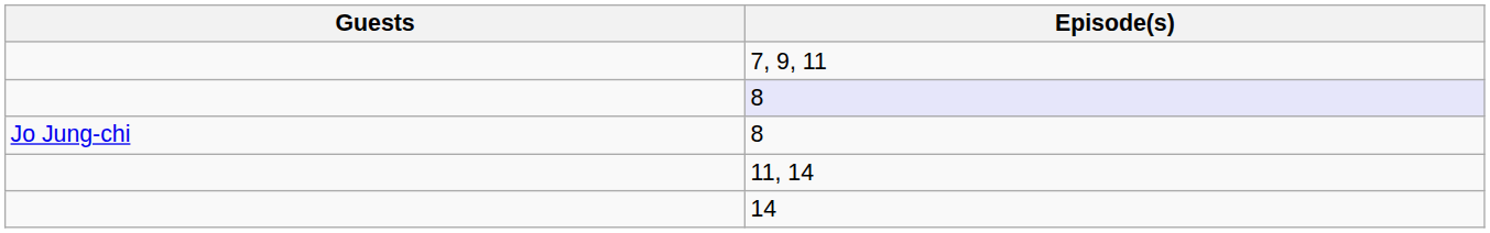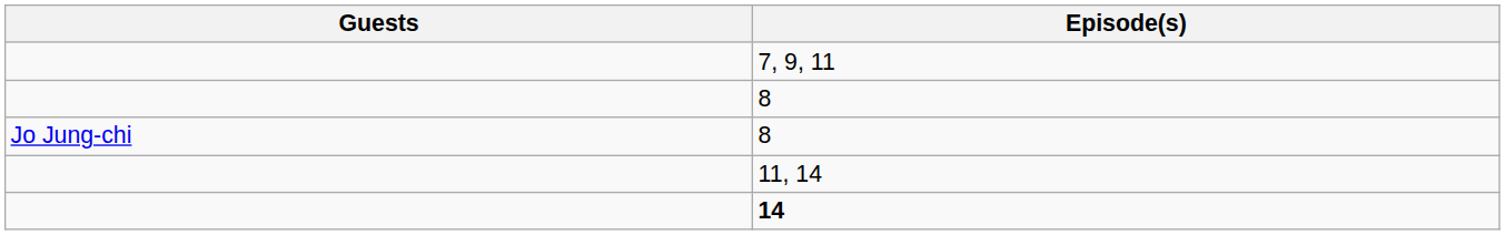 <table class="wikitable" style="width:80%;" style="text-align:center margin:auto">
 <tr>
 <th>Guests</th>
 <th>Episode(s)</th>
 </tr>
 <tr>
 <td></td>
 <td>7, 9, 11</td>
 </tr>
 <tr>
 <td></td>
-<td style="background: lavender;">8</td>
+<td>8</td>
 </tr>
 <tr>
 <td><a href='#'>Jo Jung-chi</a></td>
 <td>8</td>
 </tr>
 <tr>
 <td></td>
 <td>11, 14</td>
 </tr>
 <tr>
 <td></td>
-<td>14</td>
+<td><strong>14</strong></td>
 </tr>
 </table>
